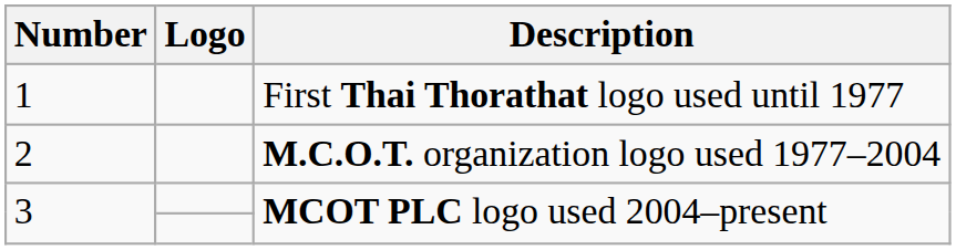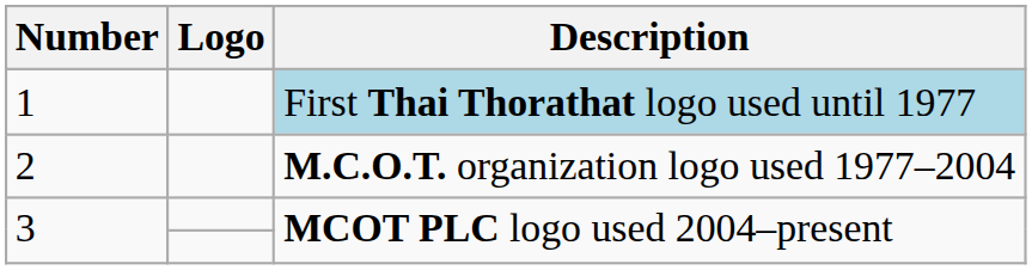 <table class="wikitable">
 <tr>
 <th>Number</th>
 <th>Logo</th>
 <th>Description</th>
 </tr>
 <tr>
 <td>1</td>
 <td></td>
-<td>First <strong>Thai Thorathat</strong> logo used until 1977</td>
+<td style="background: lightblue;">First <strong>Thai Thorathat</strong> logo used until 1977</td>
 </tr>
 <tr>
 <td>2</td>
 <td></td>
 <td><strong>M.C.O.T.</strong> organization logo used 1977–2004</td>
 </tr>
 <tr>
 <td rowspan="2">3</td>
 <td></td>
 <td rowspan="2"><strong>MCOT PLC</strong> logo used 2004–present</td>
 </tr>
 <tr>
 <td></td>
 </tr>
 </table>
